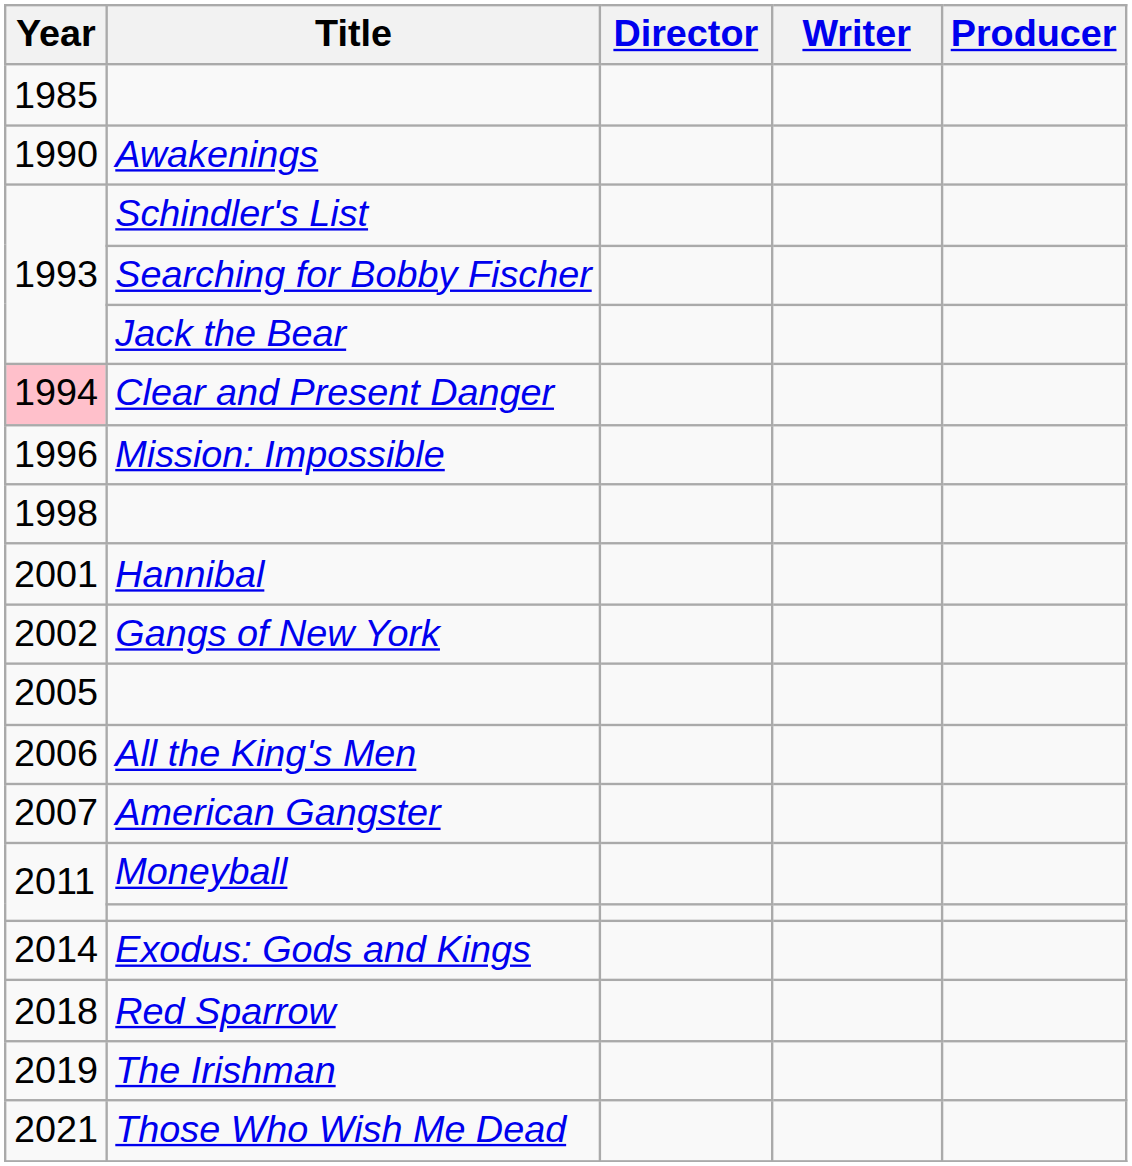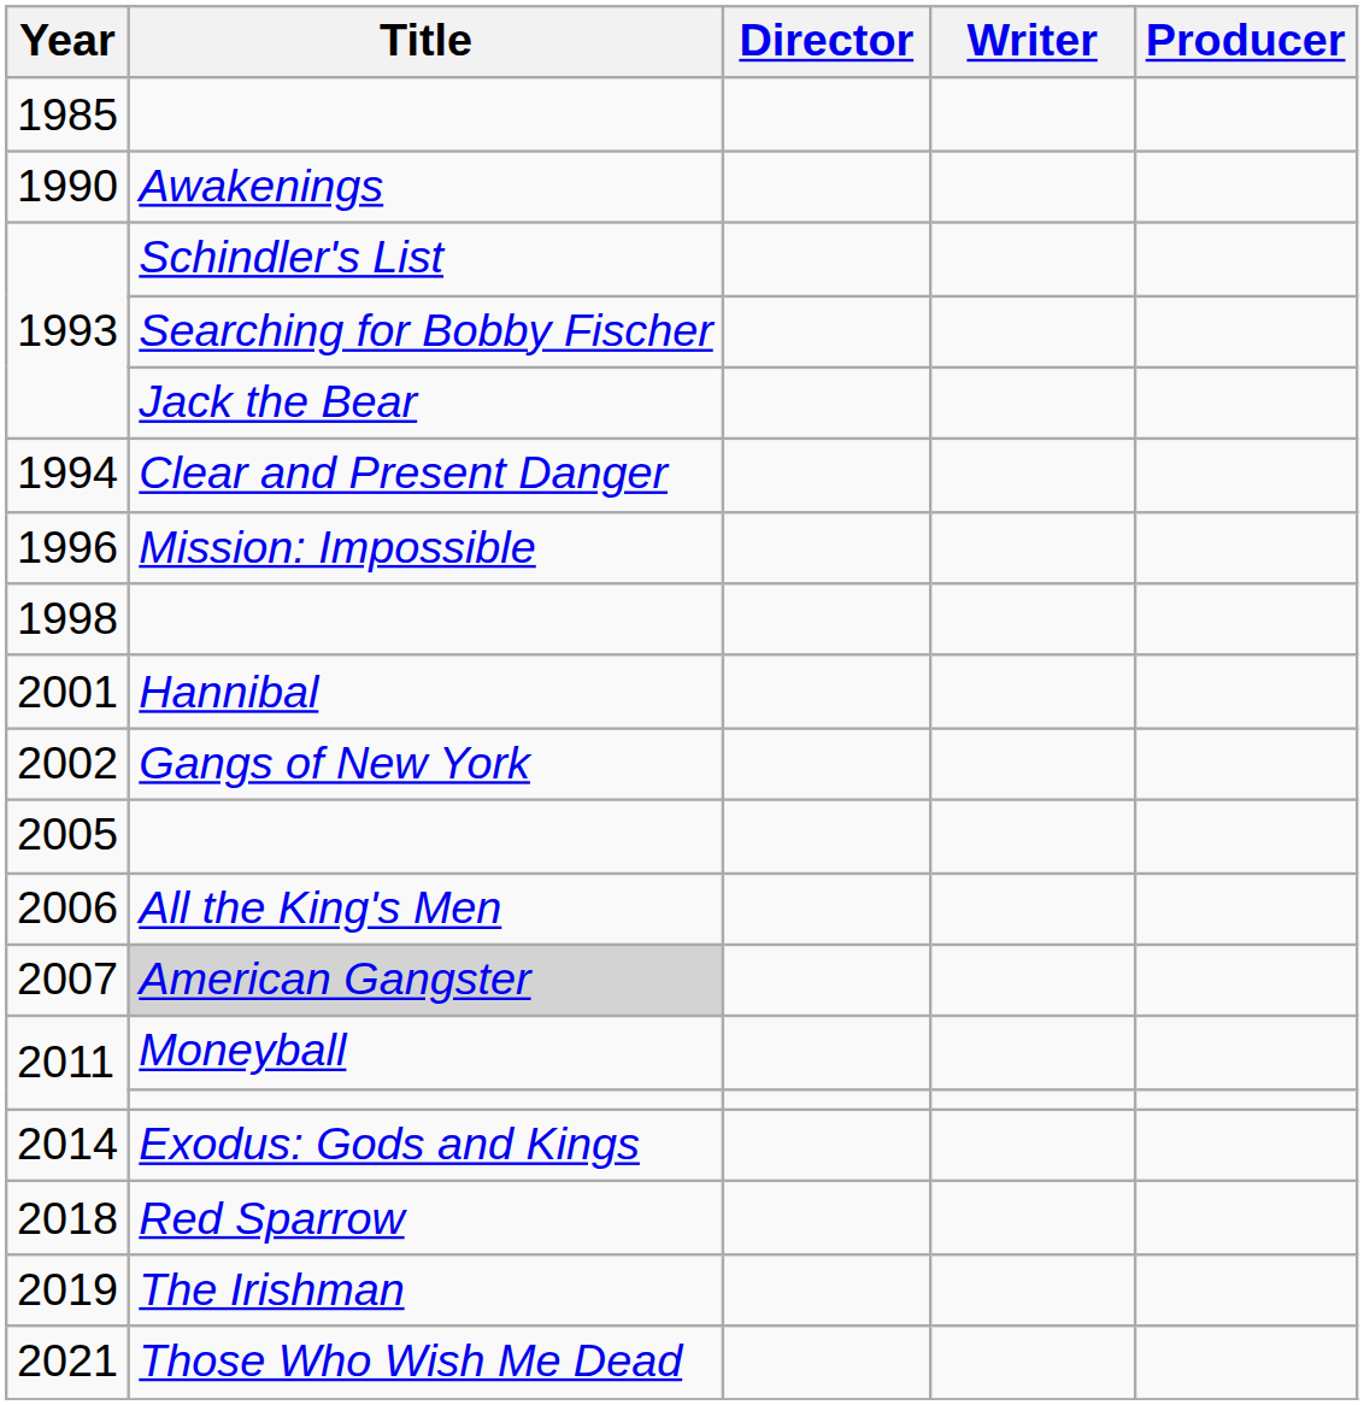 <table class="wikitable">
 <tr>
 <th>Year</th>
 <th>Title</th>
 <th width=65><a href='#'>Director</a></th>
 <th width=65><a href='#'>Writer</a></th>
 <th width=65><a href='#'>Producer</a></th>
 </tr>
 <tr>
 <td>1985</td>
 <td><em></em></td>
 <td></td>
 <td></td>
 <td></td>
 </tr>
 <tr>
 <td>1990</td>
 <td><em><a href='#'>Awakenings</a></em></td>
 <td></td>
 <td></td>
 <td></td>
 </tr>
 <tr>
 <td rowspan="3">1993</td>
 <td><em><a href='#'>Schindler's List</a></em></td>
 <td></td>
 <td></td>
 <td></td>
 </tr>
 <tr>
 <td><em><a href='#'>Searching for Bobby Fischer</a></em></td>
 <td></td>
 <td></td>
 <td></td>
 </tr>
 <tr>
 <td><em><a href='#'>Jack the Bear</a></em></td>
 <td></td>
 <td></td>
 <td></td>
 </tr>
 <tr>
-<td style="background: pink;">1994</td>
+<td>1994</td>
 <td><em><a href='#'>Clear and Present Danger</a></em></td>
 <td></td>
 <td></td>
 <td></td>
 </tr>
 <tr>
 <td>1996</td>
 <td><em><a href='#'>Mission: Impossible</a></em></td>
 <td></td>
 <td></td>
 <td></td>
 </tr>
 <tr>
 <td>1998</td>
 <td><em></em></td>
 <td></td>
 <td></td>
 <td></td>
 </tr>
 <tr>
 <td>2001</td>
 <td><em><a href='#'>Hannibal</a></em></td>
 <td></td>
 <td></td>
 <td></td>
 </tr>
 <tr>
 <td>2002</td>
 <td><em><a href='#'>Gangs of New York</a></em></td>
 <td></td>
 <td></td>
 <td></td>
 </tr>
 <tr>
 <td>2005</td>
 <td><em></em></td>
 <td></td>
 <td></td>
 <td></td>
 </tr>
 <tr>
 <td>2006</td>
 <td><em><a href='#'>All the King's Men</a></em></td>
 <td></td>
 <td></td>
 <td></td>
 </tr>
 <tr>
 <td>2007</td>
-<td><em><a href='#'>American Gangster</a></em></td>
+<td style="background: lightgrey;"><em><a href='#'>American Gangster</a></em></td>
 <td></td>
 <td></td>
 <td></td>
 </tr>
 <tr>
 <td rowspan="2">2011</td>
 <td><em><a href='#'>Moneyball</a></em></td>
 <td></td>
 <td></td>
 <td></td>
 </tr>
 <tr>
 <td><em></em></td>
 <td></td>
 <td></td>
 <td></td>
 </tr>
 <tr>
 <td>2014</td>
 <td><em><a href='#'>Exodus: Gods and Kings</a></em></td>
 <td></td>
 <td></td>
 <td></td>
 </tr>
 <tr>
 <td>2018</td>
 <td><em><a href='#'>Red Sparrow</a></em></td>
 <td></td>
 <td></td>
 <td></td>
 </tr>
 <tr>
 <td>2019</td>
 <td><em><a href='#'>The Irishman</a></em></td>
 <td></td>
 <td></td>
 <td></td>
 </tr>
 <tr>
 <td>2021</td>
 <td><em><a href='#'>Those Who Wish Me Dead</a></em></td>
 <td></td>
 <td></td>
 <td></td>
 </tr>
 <tr>
 </tr>
 </table>
